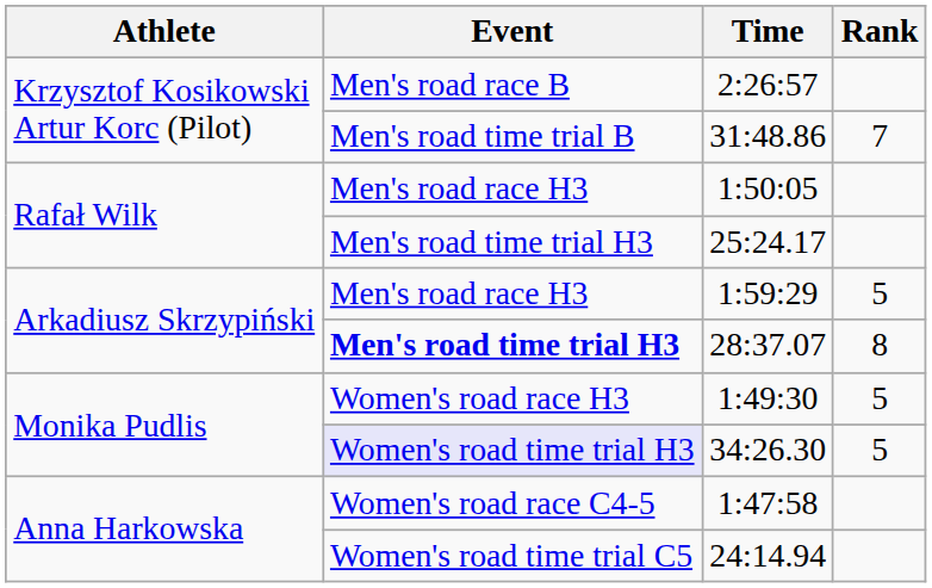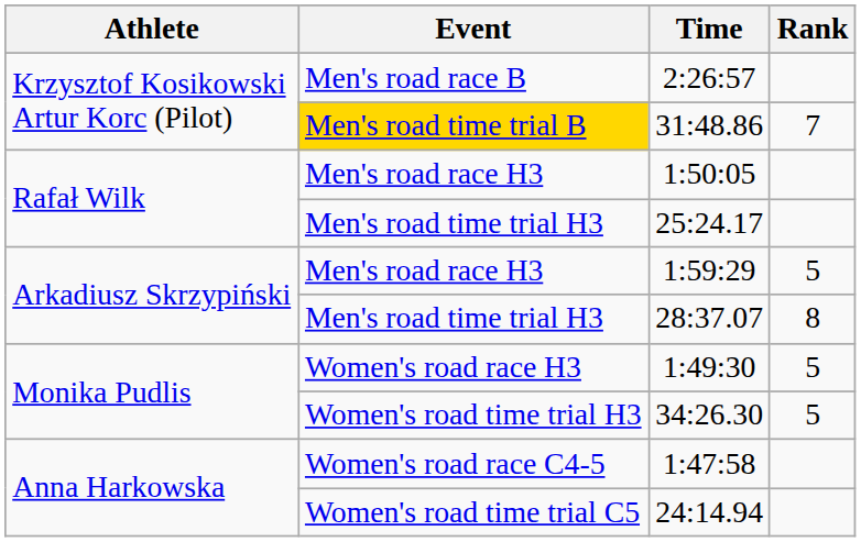 <table class=wikitable>
 <tr>
 <th>Athlete</th>
 <th>Event</th>
 <th>Time</th>
 <th>Rank</th>
 </tr>
 <tr>
 <td rowspan="2"><a href='#'>Krzysztof Kosikowski</a><br><a href='#'>Artur Korc</a> (Pilot)</td>
 <td><a href='#'>Men's road race B</a></td>
 <td style="text-align:center;">2:26:57</td>
 <td style="text-align:center;"></td>
 </tr>
 <tr>
-<td><a href='#'>Men's road time trial B</a></td>
+<td style="background: gold;"><a href='#'>Men's road time trial B</a></td>
 <td style="text-align:center;">31:48.86</td>
 <td style="text-align:center;">7</td>
 </tr>
 <tr>
 <td rowspan="2"><a href='#'>Rafał Wilk</a></td>
 <td><a href='#'>Men's road race H3</a></td>
 <td style="text-align:center;">1:50:05</td>
 <td style="text-align:center;"></td>
 </tr>
 <tr>
 <td><a href='#'>Men's road time trial H3</a></td>
 <td style="text-align:center;">25:24.17</td>
 <td style="text-align:center;"></td>
 </tr>
 <tr>
 <td rowspan="2"><a href='#'>Arkadiusz Skrzypiński</a></td>
 <td><a href='#'>Men's road race H3</a></td>
 <td style="text-align:center;">1:59:29</td>
 <td style="text-align:center;">5</td>
 </tr>
 <tr>
-<td><strong><a href='#'>Men's road time trial H3</a></strong></td>
+<td><a href='#'>Men's road time trial H3</a></td>
 <td style="text-align:center;">28:37.07</td>
 <td style="text-align:center;">8</td>
 </tr>
 <tr>
 <td rowspan="2"><a href='#'>Monika Pudlis</a></td>
 <td><a href='#'>Women's road race H3</a></td>
 <td style="text-align:center;">1:49:30</td>
 <td style="text-align:center;">5</td>
 </tr>
 <tr>
-<td style="background: lavender;"><a href='#'>Women's road time trial H3</a></td>
+<td><a href='#'>Women's road time trial H3</a></td>
 <td style="text-align:center;">34:26.30</td>
 <td style="text-align:center;">5</td>
 </tr>
 <tr>
 <td rowspan="2"><a href='#'>Anna Harkowska</a></td>
 <td><a href='#'>Women's road race C4-5</a></td>
 <td style="text-align:center;">1:47:58</td>
 <td style="text-align:center;"></td>
 </tr>
 <tr>
 <td><a href='#'>Women's road time trial C5</a></td>
 <td style="text-align:center;">24:14.94</td>
 <td style="text-align:center;"></td>
 </tr>
 </table>
